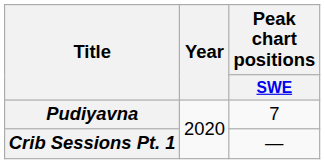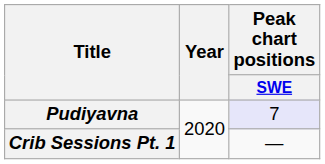 <table class="wikitable plainrowheaders" style="text-align:center;">
 <tr>
 <th scope="col" rowspan="2">Title</th>
 <th scope="col" rowspan="2">Year</th>
 <th scope="col" colspan="1">Peak chart positions</th>
 </tr>
 <tr>
 <th scope="col" style="width:3em;font-size:85%;"><a href='#'>SWE</a> <br></th>
 </tr>
 <tr>
 <th scope="row"><em>Pudiyavna</em></th>
 <td rowspan="2">2020</td>
-<td>7</td>
+<td style="background: lavender;">7</td>
 </tr>
 <tr>
 <th scope="row"><em>Crib Sessions Pt. 1</em></th>
 <td>—</td>
 </tr>
 </table>
